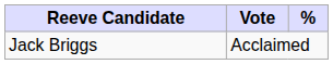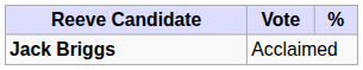 <table class="wikitable">
 <tr>
 <th style="background:#ddf; width:200px;">Reeve Candidate</th>
 <th style="background:#ddf; width:50px;">Vote</th>
 <th style="background:#ddf; width:30px;">%</th>
 </tr>
 <tr>
-<td>Jack Briggs</td>
+<td><strong>Jack Briggs</strong></td>
 <td colspan="2">Acclaimed</td>
 </tr>
 </table>
